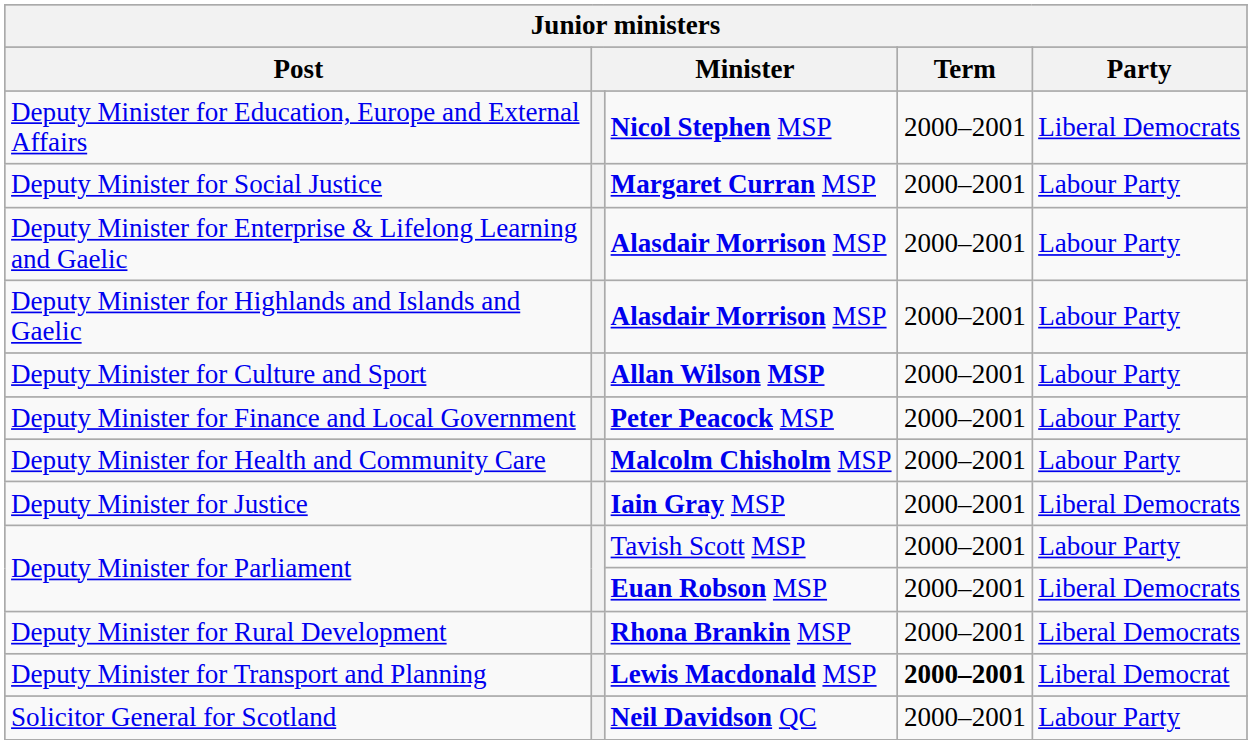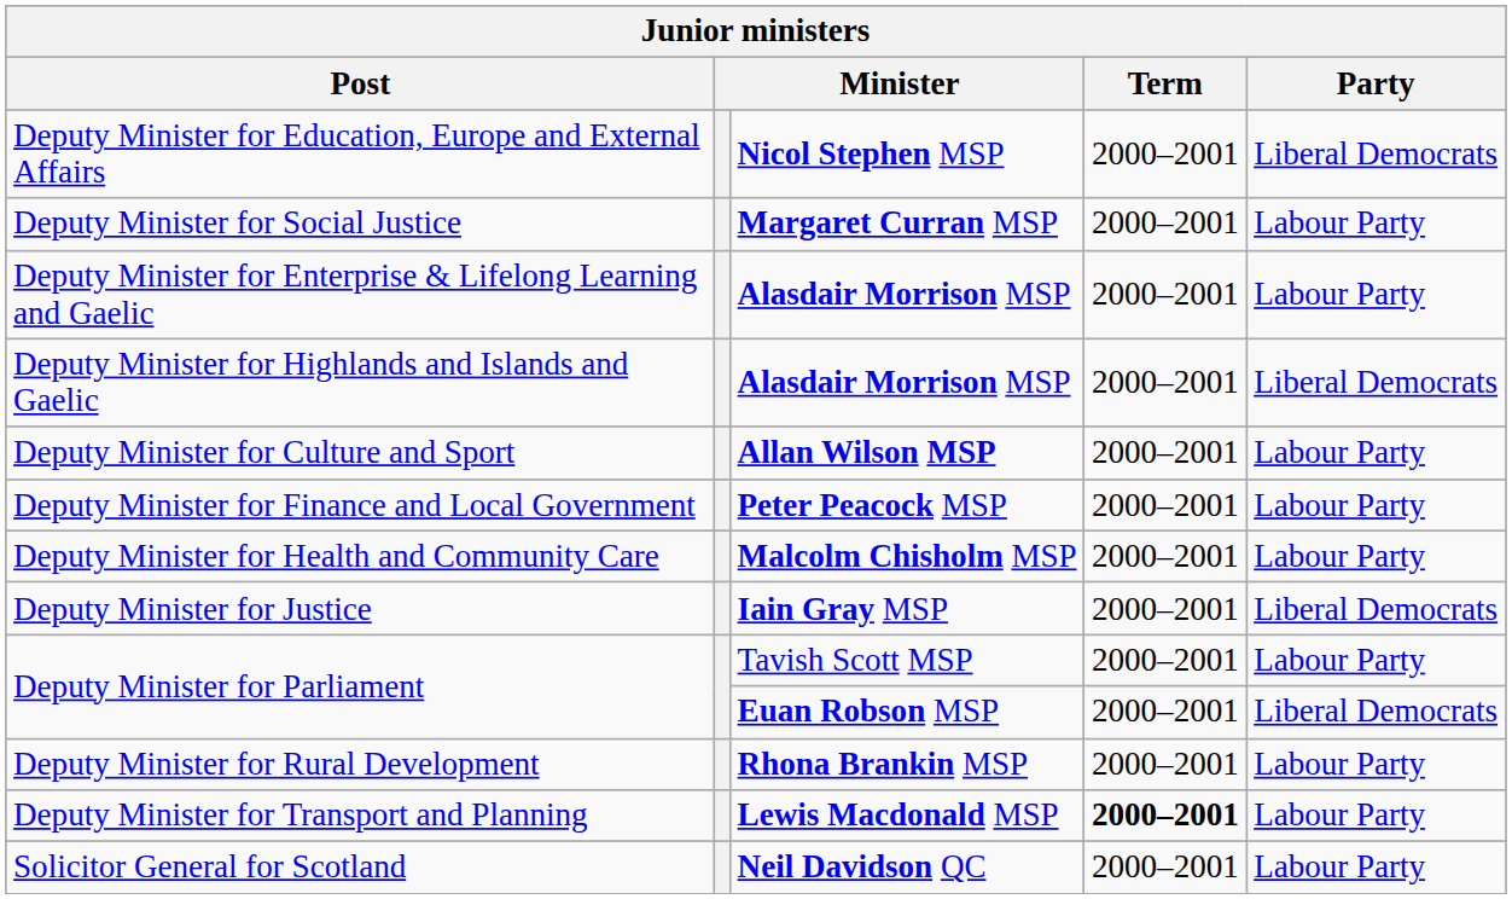 <table class="wikitable">
 <tr>
 <th colspan="5">Junior ministers</th>
 </tr>
 <tr>
 <th style="width: 340px">Post</th>
 <th colspan="2">Minister</th>
 <th>Term</th>
 <th>Party</th>
 </tr>
 <tr>
 <td><a href='#'>Deputy Minister for Education, Europe and External Affairs</a></td>
 <th style="background-color: "></th>
 <td><strong><a href='#'>Nicol Stephen</a></strong> <a href='#'>MSP</a></td>
 <td>2000–2001</td>
 <td><a href='#'>Liberal Democrats</a></td>
 </tr>
 <tr>
 <td><a href='#'>Deputy Minister for Social Justice</a></td>
 <th style="background-color: "></th>
 <td><strong><a href='#'>Margaret Curran</a></strong> <a href='#'>MSP</a></td>
 <td>2000–2001</td>
 <td><a href='#'>Labour Party</a></td>
 </tr>
 <tr>
 <td><a href='#'>Deputy Minister for Enterprise & Lifelong Learning and Gaelic</a></td>
 <th style="background-color: "></th>
 <td><strong><a href='#'>Alasdair Morrison</a></strong> <a href='#'>MSP</a></td>
 <td>2000–2001</td>
 <td><a href='#'>Labour Party</a></td>
 </tr>
 <tr>
 <td><a href='#'>Deputy Minister for Highlands and Islands and Gaelic</a></td>
 <th style="background-color: "></th>
 <td><strong><a href='#'>Alasdair Morrison</a></strong> <a href='#'>MSP</a></td>
 <td>2000–2001</td>
-<td><a href='#'>Labour Party</a></td>
+<td><a href='#'>Liberal Democrats</a></td>
 </tr>
 <tr>
 <td><a href='#'>Deputy Minister for Culture and Sport</a></td>
 <th style="background-color: "></th>
 <td><strong><a href='#'>Allan Wilson</a> <a href='#'>MSP</a></strong></td>
 <td>2000–2001</td>
 <td><a href='#'>Labour Party</a></td>
 </tr>
 <tr>
 <td><a href='#'>Deputy Minister for Finance and Local Government</a></td>
 <th style="background-color: "></th>
 <td><strong><a href='#'>Peter Peacock</a></strong> <a href='#'>MSP</a></td>
 <td>2000–2001</td>
 <td><a href='#'>Labour Party</a></td>
 </tr>
 <tr>
 <td><a href='#'>Deputy Minister for Health and Community Care</a></td>
 <th style="background-color: "></th>
 <td><strong><a href='#'>Malcolm Chisholm</a></strong> <a href='#'>MSP</a></td>
 <td>2000–2001</td>
 <td><a href='#'>Labour Party</a></td>
 </tr>
 <tr>
 <td><a href='#'>Deputy Minister for Justice</a></td>
 <th style="background-color: "></th>
 <td><strong><a href='#'>Iain Gray</a></strong> <a href='#'>MSP</a></td>
 <td>2000–2001</td>
 <td><a href='#'>Liberal Democrats</a></td>
 </tr>
 <tr>
 <td rowspan="2"><a href='#'>Deputy Minister for Parliament</a></td>
 <th rowspan="2" style="background-color: "></th>
 <td><a href='#'>Tavish Scott</a> <a href='#'>MSP</a></td>
 <td>2000–2001</td>
 <td><a href='#'>Labour Party</a></td>
 </tr>
 <tr>
 <td><strong><a href='#'>Euan Robson</a></strong> <a href='#'>MSP</a></td>
 <td>2000–2001</td>
 <td><a href='#'>Liberal Democrats</a></td>
 </tr>
 <tr>
 <td><a href='#'>Deputy Minister for Rural Development</a></td>
 <th style="background-color: "></th>
 <td><strong><a href='#'>Rhona Brankin</a></strong> <a href='#'>MSP</a></td>
 <td>2000–2001</td>
-<td><a href='#'>Liberal Democrats</a></td>
+<td><a href='#'>Labour Party</a></td>
 </tr>
 <tr>
 <td><a href='#'>Deputy Minister for Transport and Planning</a></td>
 <th style="background-color: "></th>
 <td><strong><a href='#'>Lewis Macdonald</a></strong> <a href='#'>MSP</a></td>
 <td><strong>2000–2001</strong></td>
-<td><a href='#'>Liberal Democrat</a></td>
+<td><a href='#'>Labour Party</a></td>
 </tr>
 <tr>
 <td><a href='#'>Solicitor General for Scotland</a></td>
 <th style="background-color: "></th>
 <td><strong><a href='#'>Neil Davidson</a></strong> <a href='#'>QC</a></td>
 <td>2000–2001</td>
 <td><a href='#'>Labour Party</a></td>
 </tr>
 <tr>
 </tr>
 <tr>
 </tr>
 </table>
